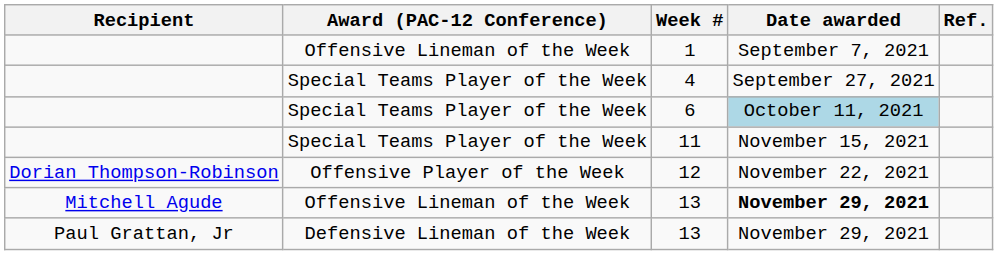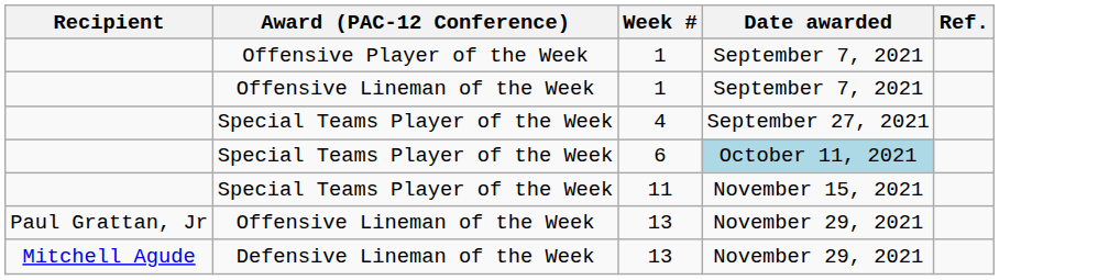 <table class="wikitable sortable" style="text-align:center">
 <tr>
 <th>Recipient</th>
 <th>Award (PAC-12 Conference)</th>
 <th>Week #</th>
 <th>Date awarded</th>
 <th>Ref.</th>
+</tr>
+<tr>
+<td></td>
+<td>Offensive Player of the Week</td>
+<td>1</td>
+<td>September 7, 2021</td>
+<td></td>
 </tr>
 <tr>
 <td></td>
 <td>Offensive Lineman of the Week</td>
 <td>1</td>
 <td>September 7, 2021</td>
 <td></td>
 </tr>
 <tr>
 <td></td>
 <td>Special Teams Player of the Week</td>
 <td>4</td>
 <td>September 27, 2021</td>
 <td></td>
 </tr>
 <tr>
 <td></td>
 <td>Special Teams Player of the Week</td>
 <td>6</td>
 <td style="background: lightblue;">October 11, 2021</td>
 <td></td>
 </tr>
 <tr>
 <td></td>
 <td>Special Teams Player of the Week</td>
 <td>11</td>
 <td>November 15, 2021</td>
 <td></td>
 </tr>
 <tr>
-<td><a href='#'>Dorian Thompson-Robinson</a></td>
-<td>Offensive Player of the Week</td>
-<td>12</td>
-<td>November 22, 2021</td>
+<td>Paul Grattan, Jr</td>
+<td>Offensive Lineman of the Week</td>
+<td>13</td>
+<td>November 29, 2021</td>
 <td></td>
 </tr>
 <tr>
 <td><a href='#'>Mitchell Agude</a></td>
-<td>Offensive Lineman of the Week</td>
-<td>13</td>
-<td><strong>November 29, 2021</strong></td>
-<td></td>
-</tr>
-<tr>
-<td>Paul Grattan, Jr</td>
 <td>Defensive Lineman of the Week</td>
 <td>13</td>
 <td>November 29, 2021</td>
 <td></td>
 </tr>
 </table>
